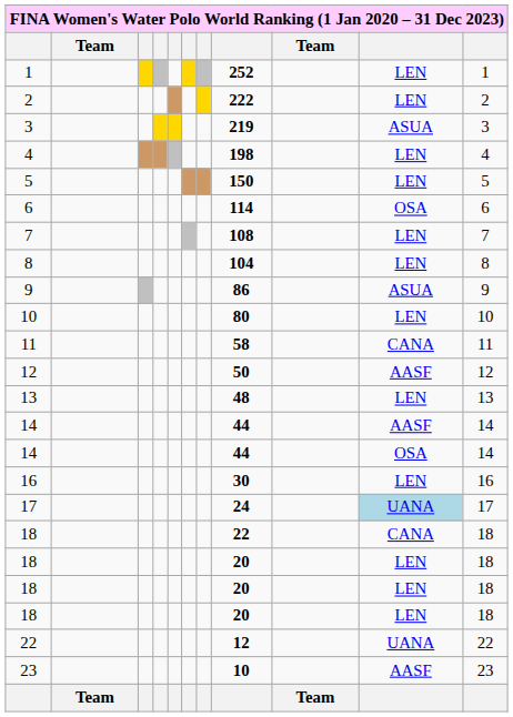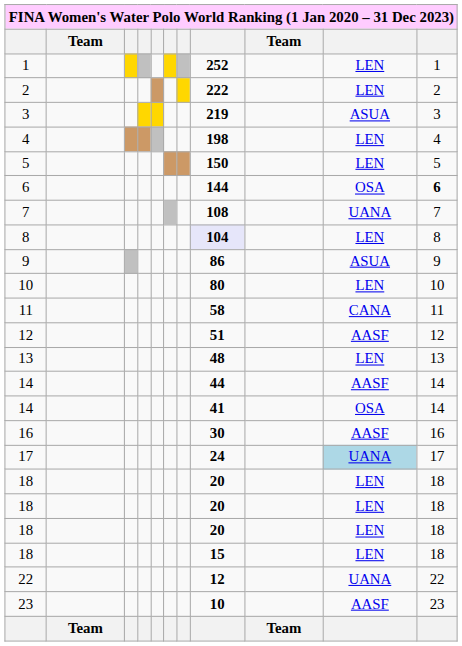 <table class="wikitable" style="text-align: center; font-size: 90%; margin-left: 1em;">
 <tr>
 <th colspan="28" style="background-color: #ffccff;">FINA Women's Water Polo World Ranking (1 Jan 2020 – 31 Dec 2023)</th>
 </tr>
 <tr>
 <th></th>
 <th>Team</th>
 <th><a href='#'></a></th>
 <th><a href='#'></a></th>
 <th><a href='#'></a></th>
 <th><a href='#'></a></th>
 <th><a href='#'></a></th>
 <th></th>
 <th>Team</th>
 <th></th>
 <th></th>
 </tr>
 <tr>
 <td>1</td>
 <td style="text-align: left;"></td>
 <td style="background-color: gold;"></td>
 <td style="background-color: silver;"></td>
 <td></td>
 <td style="background-color: gold;"></td>
 <td style="background-color: silver;"></td>
 <td><strong>252</strong></td>
 <td style="text-align: left;"></td>
 <td><a href='#'>LEN</a></td>
 <td>1</td>
 </tr>
 <tr>
 <td>2</td>
 <td style="text-align: left;"></td>
 <td></td>
 <td></td>
 <td style="background-color: #cc9966;"></td>
 <td></td>
 <td style="background-color: gold;"></td>
 <td><strong>222</strong></td>
 <td style="text-align: left;"></td>
 <td><a href='#'>LEN</a></td>
 <td>2</td>
 </tr>
 <tr>
 <td>3</td>
 <td style="text-align: left;"></td>
 <td></td>
 <td style="background-color: gold;"></td>
 <td style="background-color: gold;"></td>
 <td></td>
 <td></td>
 <td><strong>219</strong></td>
 <td style="text-align: left;"></td>
 <td><a href='#'>ASUA</a></td>
 <td>3</td>
 </tr>
 <tr>
 <td>4</td>
 <td style="text-align: left;"></td>
 <td style="background-color: #cc9966;"></td>
 <td style="background-color: #cc9966;"></td>
 <td style="background-color: silver;"></td>
 <td></td>
 <td></td>
 <td><strong>198</strong></td>
 <td style="text-align: left;"></td>
 <td><a href='#'>LEN</a></td>
 <td>4</td>
 </tr>
 <tr>
 <td>5</td>
 <td style="text-align: left;"></td>
 <td></td>
 <td></td>
 <td></td>
 <td style="background-color: #cc9966;"></td>
 <td style="background-color: #cc9966;"></td>
 <td><strong>150</strong></td>
 <td style="text-align: left;"></td>
 <td><a href='#'>LEN</a></td>
 <td>5</td>
 </tr>
 <tr>
 <td>6</td>
 <td style="text-align: left;"></td>
 <td></td>
 <td></td>
 <td></td>
 <td></td>
 <td></td>
-<td><strong>114</strong></td>
+<td><strong>144</strong></td>
 <td style="text-align: left;"></td>
 <td><a href='#'>OSA</a></td>
-<td>6</td>
+<td><strong>6</strong></td>
 </tr>
 <tr>
 <td>7</td>
 <td style="text-align: left;"></td>
 <td></td>
 <td></td>
 <td></td>
 <td style="background-color: silver;"></td>
 <td></td>
 <td><strong>108</strong></td>
 <td style="text-align: left;"></td>
-<td><a href='#'>LEN</a></td>
+<td><a href='#'>UANA</a></td>
 <td>7</td>
 </tr>
 <tr>
 <td>8</td>
 <td style="text-align: left;"></td>
 <td></td>
 <td></td>
 <td></td>
 <td></td>
 <td></td>
-<td><strong>104</strong></td>
+<td style="background: lavender;"><strong>104</strong></td>
 <td style="text-align: left;"></td>
 <td><a href='#'>LEN</a></td>
 <td>8</td>
 </tr>
 <tr>
 <td>9</td>
 <td style="text-align: left;"></td>
 <td style="background-color: silver;"></td>
 <td></td>
 <td></td>
 <td></td>
 <td></td>
 <td><strong>86</strong></td>
 <td style="text-align: left;"></td>
 <td><a href='#'>ASUA</a></td>
 <td>9</td>
 </tr>
 <tr>
 <td>10</td>
 <td style="text-align: left;"></td>
 <td></td>
 <td></td>
 <td></td>
 <td></td>
 <td></td>
 <td><strong>80</strong></td>
 <td style="text-align: left;"></td>
 <td><a href='#'>LEN</a></td>
 <td>10</td>
 </tr>
 <tr>
 <td>11</td>
 <td style="text-align: left;"></td>
 <td></td>
 <td></td>
 <td></td>
 <td></td>
 <td></td>
 <td><strong>58</strong></td>
 <td style="text-align: left;"></td>
 <td><a href='#'>CANA</a></td>
 <td>11</td>
 </tr>
 <tr>
 <td>12</td>
 <td style="text-align: left;"></td>
 <td></td>
 <td></td>
 <td></td>
 <td></td>
 <td></td>
-<td><strong>50</strong></td>
+<td><strong>51</strong></td>
 <td style="text-align: left;"></td>
 <td><a href='#'>AASF</a></td>
 <td>12</td>
 </tr>
 <tr>
 <td>13</td>
 <td style="text-align: left;"></td>
 <td></td>
 <td></td>
 <td></td>
 <td></td>
 <td></td>
 <td><strong>48</strong></td>
 <td style="text-align: left;"></td>
 <td><a href='#'>LEN</a></td>
 <td>13</td>
 </tr>
 <tr>
 <td>14</td>
 <td style="text-align: left;"></td>
 <td></td>
 <td></td>
 <td></td>
 <td></td>
 <td></td>
 <td><strong>44</strong></td>
 <td style="text-align: left;"></td>
 <td><a href='#'>AASF</a></td>
 <td>14</td>
 </tr>
 <tr>
 <td>14</td>
 <td style="text-align: left;"></td>
 <td></td>
 <td></td>
 <td></td>
 <td></td>
 <td></td>
-<td><strong>44</strong></td>
+<td><strong>41</strong></td>
 <td style="text-align: left;"></td>
 <td><a href='#'>OSA</a></td>
 <td>14</td>
 </tr>
 <tr>
 <td>16</td>
 <td style="text-align: left;"></td>
 <td></td>
 <td></td>
 <td></td>
 <td></td>
 <td></td>
 <td><strong>30</strong></td>
 <td style="text-align: left;"></td>
-<td><a href='#'>LEN</a></td>
+<td><a href='#'>AASF</a></td>
 <td>16</td>
 </tr>
 <tr>
 <td>17</td>
 <td style="text-align: left;"></td>
 <td></td>
 <td></td>
 <td></td>
 <td></td>
 <td></td>
 <td><strong>24</strong></td>
 <td style="text-align: left;"></td>
 <td style="background: lightblue;"><a href='#'>UANA</a></td>
 <td>17</td>
 </tr>
 <tr>
 <td>18</td>
 <td style="text-align: left;"></td>
 <td></td>
 <td></td>
 <td></td>
 <td></td>
 <td></td>
-<td><strong>22</strong></td>
+<td><strong>20</strong></td>
 <td style="text-align: left;"></td>
-<td><a href='#'>CANA</a></td>
+<td><a href='#'>LEN</a></td>
 <td>18</td>
 </tr>
 <tr>
 <td>18</td>
 <td style="text-align: left;"></td>
 <td></td>
 <td></td>
 <td></td>
 <td></td>
 <td></td>
 <td><strong>20</strong></td>
 <td style="text-align: left;"></td>
 <td><a href='#'>LEN</a></td>
 <td>18</td>
 </tr>
 <tr>
 <td>18</td>
 <td style="text-align: left;"></td>
 <td></td>
 <td></td>
 <td></td>
 <td></td>
 <td></td>
 <td><strong>20</strong></td>
 <td style="text-align: left;"></td>
 <td><a href='#'>LEN</a></td>
 <td>18</td>
 </tr>
 <tr>
 <td>18</td>
 <td style="text-align: left;"></td>
 <td></td>
 <td></td>
 <td></td>
 <td></td>
 <td></td>
-<td><strong>20</strong></td>
+<td><strong>15</strong></td>
 <td style="text-align: left;"></td>
 <td><a href='#'>LEN</a></td>
 <td>18</td>
 </tr>
 <tr>
 <td>22</td>
 <td style="text-align: left;"></td>
 <td></td>
 <td></td>
 <td></td>
 <td></td>
 <td></td>
 <td><strong>12</strong></td>
 <td style="text-align: left;"></td>
 <td><a href='#'>UANA</a></td>
 <td>22</td>
 </tr>
 <tr>
 <td>23</td>
 <td style="text-align: left;"></td>
 <td></td>
 <td></td>
 <td></td>
 <td></td>
 <td></td>
 <td><strong>10</strong></td>
 <td style="text-align: left;"></td>
 <td><a href='#'>AASF</a></td>
 <td>23</td>
 </tr>
 <tr>
 <th></th>
 <th>Team</th>
 <th><a href='#'></a></th>
 <th><a href='#'></a></th>
 <th><a href='#'></a></th>
 <th><a href='#'></a></th>
 <th><a href='#'></a></th>
 <th></th>
 <th>Team</th>
 <th></th>
 <th></th>
 </tr>
 </table>
